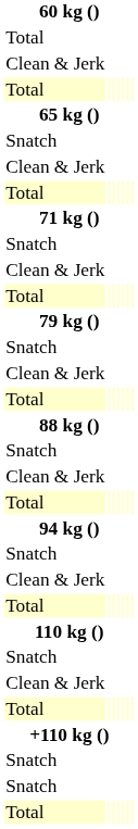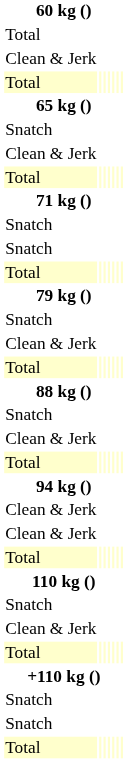 <table>
 <tr>
 <th colspan=7>60 kg ()</th>
 </tr>
 <tr>
 <td>Total</td>
 <td></td>
 <td></td>
 <td></td>
 <td></td>
 <td></td>
 <td></td>
 </tr>
 <tr>
 <td>Clean & Jerk</td>
 <td></td>
 <td></td>
 <td></td>
 <td></td>
 <td></td>
 <td></td>
 </tr>
 <tr bgcolor=ffffcc>
 <td>Total</td>
 <td></td>
 <td></td>
 <td></td>
 <td></td>
 <td></td>
 <td></td>
 </tr>
 <tr>
 <th colspan=7>65 kg ()</th>
 </tr>
 <tr>
 <td>Snatch</td>
 <td></td>
 <td></td>
 <td></td>
 <td></td>
 <td></td>
 <td></td>
 </tr>
 <tr>
 <td>Clean & Jerk</td>
 <td></td>
 <td></td>
 <td></td>
 <td></td>
 <td></td>
 <td></td>
 </tr>
 <tr bgcolor=ffffcc>
 <td>Total</td>
 <td></td>
 <td></td>
 <td></td>
 <td></td>
 <td></td>
 <td></td>
 </tr>
 <tr>
 <th colspan=7>71 kg ()</th>
 </tr>
 <tr>
 <td>Snatch</td>
 <td></td>
 <td></td>
 <td></td>
 <td></td>
 <td></td>
 <td></td>
 </tr>
 <tr>
-<td>Clean & Jerk</td>
+<td>Snatch</td>
 <td></td>
 <td></td>
 <td></td>
 <td></td>
 <td></td>
 <td></td>
 </tr>
 <tr bgcolor=ffffcc>
 <td>Total</td>
 <td></td>
 <td></td>
 <td></td>
 <td></td>
 <td></td>
 <td></td>
 </tr>
 <tr>
 <th colspan=7>79 kg ()</th>
 </tr>
 <tr>
 <td>Snatch</td>
 <td></td>
 <td></td>
 <td></td>
 <td></td>
 <td></td>
 <td></td>
 </tr>
 <tr>
 <td>Clean & Jerk</td>
 <td></td>
 <td></td>
 <td></td>
 <td></td>
 <td></td>
 <td></td>
 </tr>
 <tr bgcolor=ffffcc>
 <td>Total</td>
 <td></td>
 <td></td>
 <td></td>
 <td></td>
 <td></td>
 <td></td>
 </tr>
 <tr>
 <th colspan=7>88 kg ()</th>
 </tr>
 <tr>
 <td>Snatch</td>
 <td></td>
 <td></td>
 <td></td>
 <td></td>
 <td></td>
 <td></td>
 </tr>
 <tr>
 <td>Clean & Jerk</td>
 <td></td>
 <td></td>
 <td></td>
 <td></td>
 <td></td>
 <td></td>
 </tr>
 <tr bgcolor=ffffcc>
 <td>Total</td>
 <td></td>
 <td></td>
 <td></td>
 <td></td>
 <td></td>
 <td></td>
 </tr>
 <tr>
 <th colspan=7>94 kg ()</th>
 </tr>
 <tr>
-<td>Snatch</td>
+<td>Clean & Jerk</td>
 <td></td>
 <td></td>
 <td></td>
 <td></td>
 <td></td>
 <td></td>
 </tr>
 <tr>
 <td>Clean & Jerk</td>
 <td></td>
 <td></td>
 <td></td>
 <td></td>
 <td></td>
 <td></td>
 </tr>
 <tr bgcolor=ffffcc>
 <td>Total</td>
 <td></td>
 <td></td>
 <td></td>
 <td></td>
 <td></td>
 <td></td>
 </tr>
 <tr>
 <th colspan=7>110 kg ()</th>
 </tr>
 <tr>
 <td>Snatch</td>
 <td></td>
 <td></td>
 <td></td>
 <td></td>
 <td></td>
 <td></td>
 </tr>
 <tr>
 <td>Clean & Jerk</td>
 <td></td>
 <td></td>
 <td></td>
 <td></td>
 <td></td>
 <td></td>
 </tr>
 <tr bgcolor=ffffcc>
 <td>Total</td>
 <td></td>
 <td></td>
 <td></td>
 <td></td>
 <td></td>
 <td></td>
 </tr>
 <tr>
 <th colspan=7>+110 kg ()</th>
 </tr>
 <tr>
 <td>Snatch</td>
 <td></td>
 <td></td>
 <td></td>
 <td></td>
 <td></td>
 <td></td>
 </tr>
 <tr>
 <td>Snatch</td>
 <td></td>
 <td></td>
 <td></td>
 <td></td>
 <td></td>
 <td></td>
 </tr>
 <tr bgcolor=ffffcc>
 <td>Total</td>
 <td></td>
 <td></td>
 <td></td>
 <td></td>
 <td></td>
 <td></td>
 </tr>
 </table>
